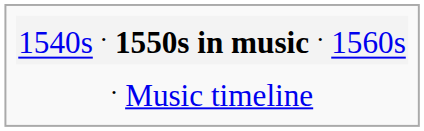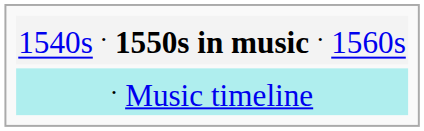 <table class="infobox">
 <tr style="background-color:#f3f3f3">
 <td align="center"><a href='#'>1540s</a> <sup>.</sup> <strong>1550s in music</strong> <sup>.</sup> <a href='#'>1560s</a></td>
 </tr>
 <tr>
-<td align="center"><sup>.</sup> <a href='#'>Music timeline</a></td>
+<td align="center" style="background: paleturquoise;"><sup>.</sup> <a href='#'>Music timeline</a></td>
 </tr>
 </table>
